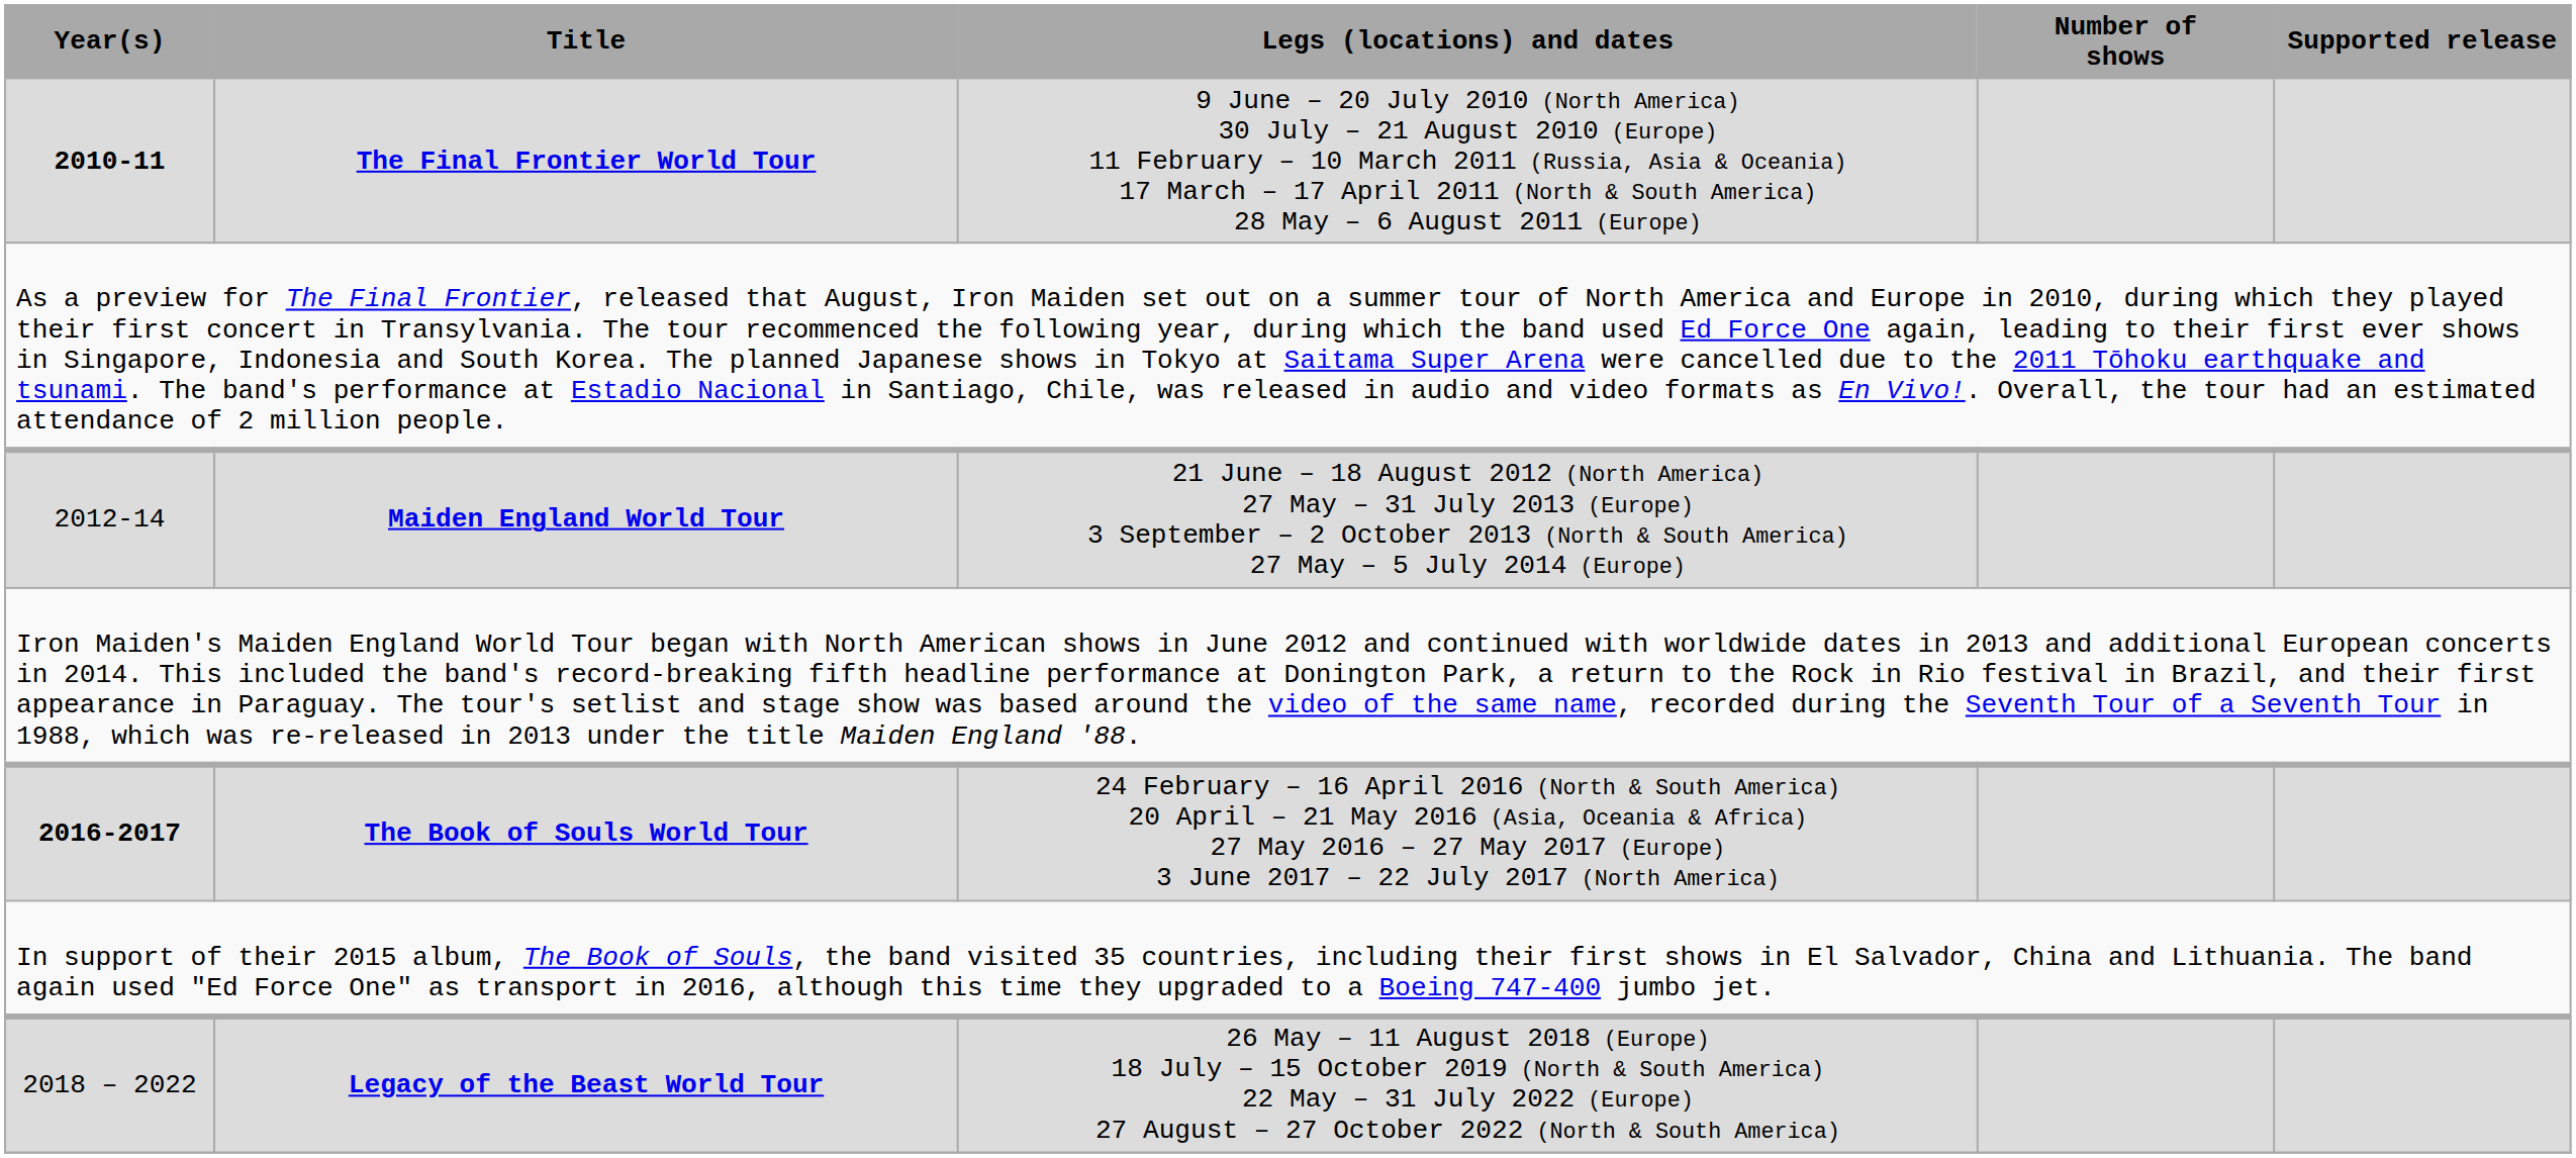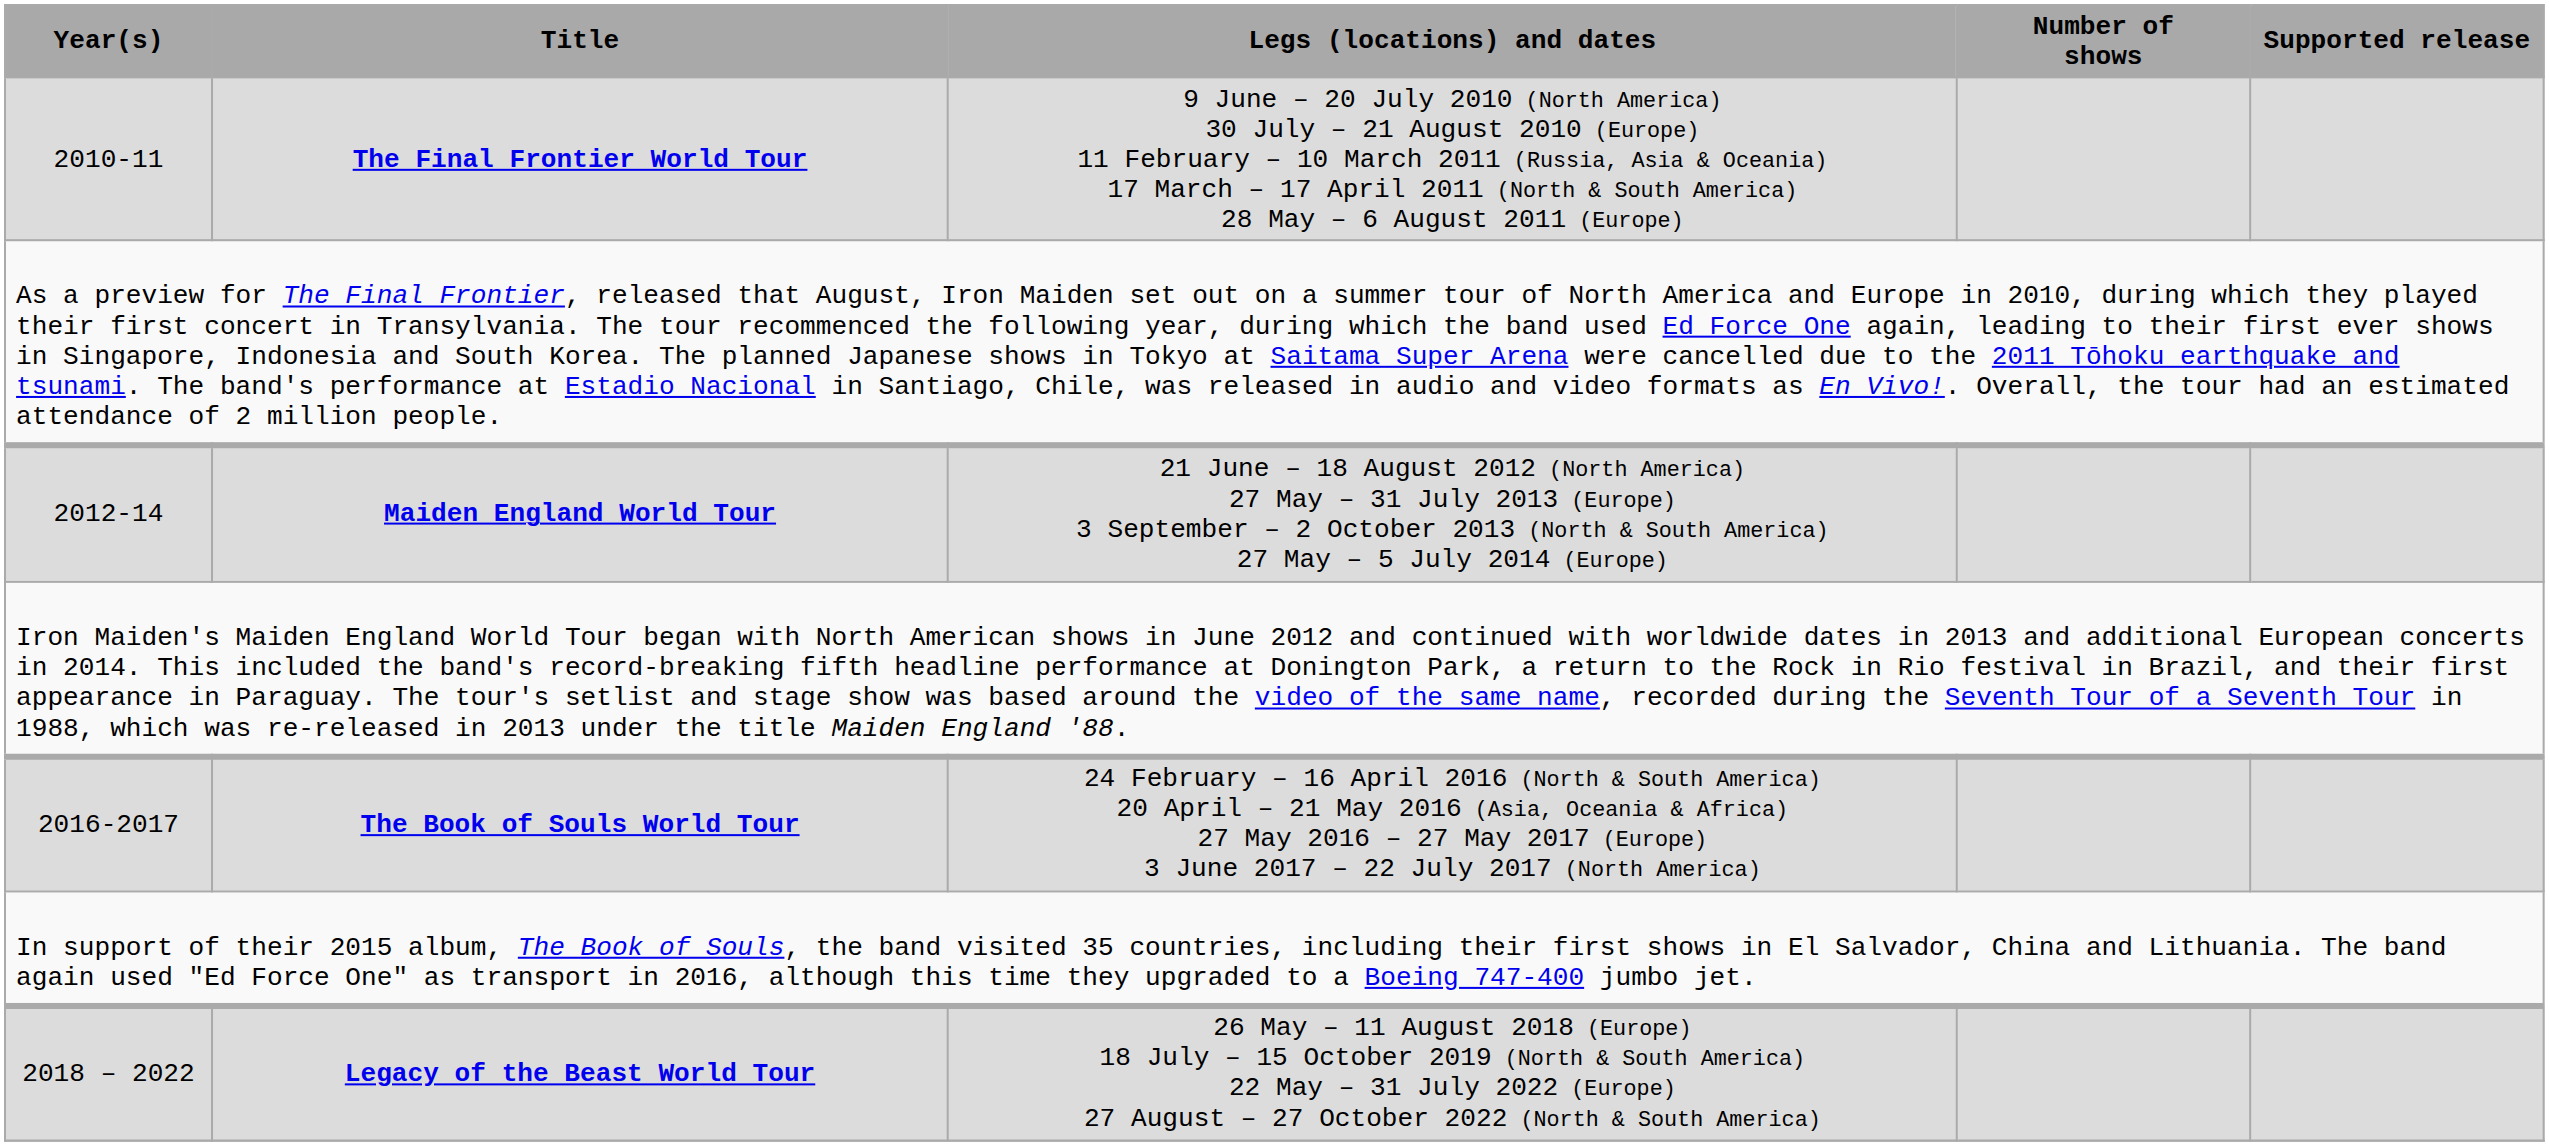 <table class="wikitable" style="width:100%; text-align:center;">
 <tr>
 <th style="width:40px; background:darkGrey;">Year(s)</th>
 <th style="width:210px; background:darkGrey;">Title</th>
 <th style="width:290px; background:darkGrey;">Legs (locations) and dates</th>
 <th style="width:80px; background:darkGrey;">Number of<br>shows<br></th>
 <th style="width:80px; background:darkGrey;">Supported release</th>
 </tr>
 <tr style="background:#DCDCDC;">
-<td><strong>2010-11</strong></td>
+<td>2010-11</td>
 <td><strong><a href='#'>The Final Frontier World Tour</a></strong></td>
 <td>9 June – 20 July 2010<small> (North America)</small><br>30 July – 21 August 2010<small> (Europe)</small><br>11 February – 10 March 2011<small> (Russia, Asia & Oceania)</small><br>17 March – 17 April 2011<small> (North & South America)</small><br>28 May – 6 August 2011<small> (Europe)</small></td>
 <td></td>
 <td></td>
 </tr>
 <tr>
 <td colspan="5" style="border-bottom-width:3px; padding:5px; text-align:left;"><br>As a preview for <em><a href='#'>The Final Frontier</a></em>, released that August, Iron Maiden set out on a summer tour of North America and Europe in 2010, during which they played their first concert in Transylvania. The tour recommenced the following year, during which the band used <a href='#'>Ed Force One</a> again, leading to their first ever shows in Singapore, Indonesia and South Korea. The planned Japanese shows in Tokyo at <a href='#'>Saitama Super Arena</a> were cancelled due to the <a href='#'>2011 Tōhoku earthquake and tsunami</a>. The band's performance at <a href='#'>Estadio Nacional</a> in Santiago, Chile, was released in audio and video formats as <em><a href='#'>En Vivo!</a></em>. Overall, the tour had an estimated attendance of 2 million people.</td>
 </tr>
 <tr style="background:#DCDCDC;">
 <td>2012-14</td>
 <td><strong><a href='#'>Maiden England World Tour</a></strong></td>
 <td>21 June – 18 August 2012<small> (North America)</small><br>27 May – 31 July 2013<small> (Europe)</small><br>3 September – 2 October 2013<small> (North & South America)</small><br>27 May – 5 July 2014<small> (Europe)</small></td>
 <td></td>
 <td></td>
 </tr>
 <tr>
 <td colspan="5" style="border-bottom-width:3px; padding:5px; text-align:left;"><br>Iron Maiden's Maiden England World Tour began with North American shows in June 2012 and continued with worldwide dates in 2013 and additional European concerts in 2014. This included the band's record-breaking fifth headline performance at Donington Park, a return to the Rock in Rio festival in Brazil, and their first appearance in Paraguay. The tour's setlist and stage show was based around the <a href='#'>video of the same name</a>, recorded during the <a href='#'>Seventh Tour of a Seventh Tour</a> in 1988, which was re-released in 2013 under the title <em>Maiden England '88</em>.</td>
 </tr>
 <tr style="background:#DCDCDC;">
-<td><strong>2016-2017</strong></td>
+<td>2016-2017</td>
 <td><strong><a href='#'>The Book of Souls World Tour</a></strong></td>
 <td>24 February – 16 April 2016<small> (North & South America)</small><br>20 April – 21 May 2016<small> (Asia, Oceania & Africa)</small><br> 27 May 2016 – 27 May 2017<small> (Europe)</small><br> 3 June 2017 – 22 July 2017<small> (North America)</small></td>
 <td></td>
 <td></td>
 </tr>
 <tr>
 <td colspan="5" style="border-bottom-width:3px; padding:5px; text-align:left;"><br>In support of their 2015 album, <em><a href='#'>The Book of Souls</a></em>, the band visited 35 countries, including their first shows in El Salvador, China and Lithuania. The band again used "Ed Force One" as transport in 2016, although this time they upgraded to a <a href='#'>Boeing 747-400</a> jumbo jet.</td>
 </tr>
 <tr style="background:#DCDCDC;">
 <td>2018 – 2022</td>
 <td><strong><a href='#'>Legacy of the Beast World Tour</a></strong></td>
 <td>26 May – 11 August 2018<small> (Europe)</small><br>18 July – 15 October 2019<small> (North & South America)</small><br>22 May – 31 July 2022<small> (Europe)</small><br>27 August – 27 October 2022<small> (North & South America)</small></td>
 <td></td>
 <td></td>
 </tr>
 <tr>
 </tr>
 </table>
